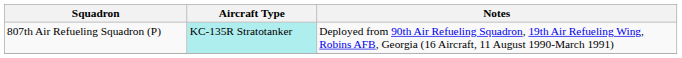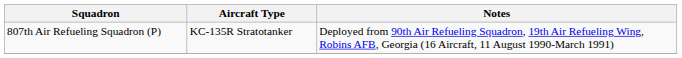 <table class="wikitable">
 <tr>
 <th scope="col" width="250">Squadron</th>
 <th scope="col" width="175">Aircraft Type</th>
 <th scope="col" width="500">Notes</th>
 </tr>
 <tr valign="top">
 <td>807th Air Refueling Squadron (P)</td>
-<td style="background: paleturquoise;">KC-135R Stratotanker</td>
+<td>KC-135R Stratotanker</td>
 <td>Deployed from <a href='#'>90th Air Refueling Squadron</a>, <a href='#'>19th Air Refueling Wing</a>, <a href='#'>Robins AFB</a>, Georgia (16 Aircraft, 11 August 1990-March 1991)</td>
 </tr>
 <tr>
 </tr>
 <tr>
 </tr>
 </table>
